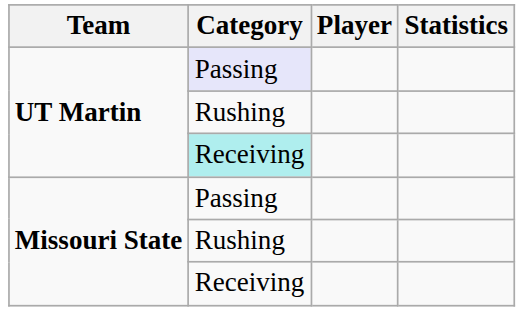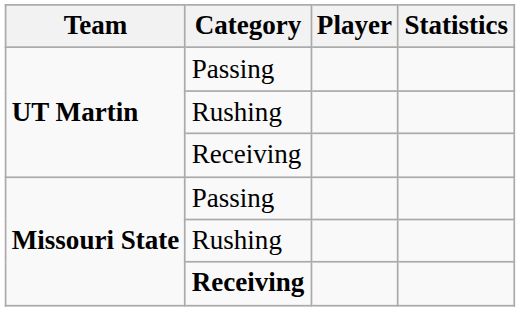 <table class="wikitable" style="float: right;">
 <tr>
 <th>Team</th>
 <th>Category</th>
 <th>Player</th>
 <th>Statistics</th>
 </tr>
 <tr>
 <td rowspan=3><strong>UT Martin</strong></td>
-<td style="background: lavender;">Passing</td>
+<td>Passing</td>
 <td></td>
 <td></td>
 </tr>
 <tr>
 <td>Rushing</td>
 <td></td>
 <td></td>
 </tr>
 <tr>
-<td style="background: paleturquoise;">Receiving</td>
+<td>Receiving</td>
 <td></td>
 <td></td>
 </tr>
 <tr>
 <td rowspan=3><strong>Missouri State</strong></td>
 <td>Passing</td>
 <td></td>
 <td></td>
 </tr>
 <tr>
 <td>Rushing</td>
 <td></td>
 <td></td>
 </tr>
 <tr>
-<td>Receiving</td>
+<td><strong>Receiving</strong></td>
 <td></td>
 <td></td>
 </tr>
 </table>
